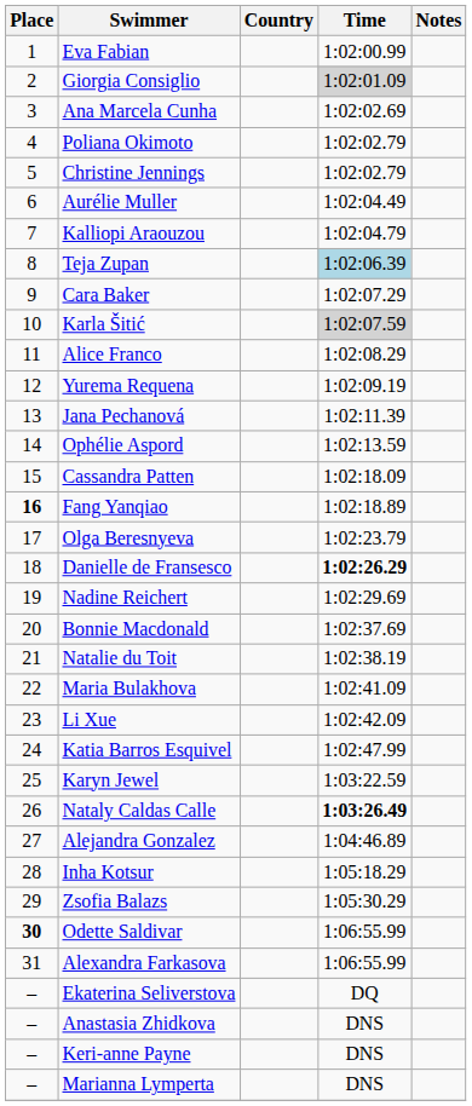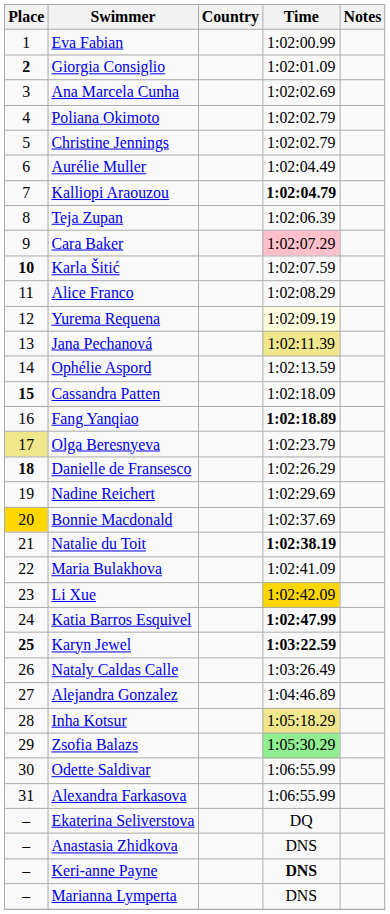 <table class="wikitable" style="text-align:center">
 <tr>
 <th>Place</th>
 <th>Swimmer</th>
 <th>Country</th>
 <th>Time</th>
 <th>Notes</th>
 </tr>
 <tr>
 <td>1</td>
 <td align=left><a href='#'>Eva Fabian</a></td>
 <td align=left></td>
 <td>1:02:00.99</td>
 <td></td>
 </tr>
 <tr>
-<td>2</td>
+<td><strong>2</strong></td>
 <td align=left><a href='#'>Giorgia Consiglio</a></td>
 <td align=left></td>
-<td style="background: lightgrey;">1:02:01.09</td>
+<td>1:02:01.09</td>
 <td></td>
 </tr>
 <tr>
 <td>3</td>
 <td align=left><a href='#'>Ana Marcela Cunha</a></td>
 <td align=left></td>
 <td>1:02:02.69</td>
 <td></td>
 </tr>
 <tr>
 <td>4</td>
 <td align=left><a href='#'>Poliana Okimoto</a></td>
 <td align=left></td>
 <td>1:02:02.79</td>
 <td></td>
 </tr>
 <tr>
 <td>5</td>
 <td align=left><a href='#'>Christine Jennings</a></td>
 <td align=left></td>
 <td>1:02:02.79</td>
 <td></td>
 </tr>
 <tr>
 <td>6</td>
 <td align=left><a href='#'>Aurélie Muller</a></td>
 <td align=left></td>
 <td>1:02:04.49</td>
 <td></td>
 </tr>
 <tr>
 <td>7</td>
 <td align=left><a href='#'>Kalliopi Araouzou</a></td>
 <td align=left></td>
-<td>1:02:04.79</td>
+<td><strong>1:02:04.79</strong></td>
 <td></td>
 </tr>
 <tr>
 <td>8</td>
 <td align=left><a href='#'>Teja Zupan</a></td>
 <td align=left></td>
-<td style="background: lightblue;">1:02:06.39</td>
+<td>1:02:06.39</td>
 <td></td>
 </tr>
 <tr>
 <td>9</td>
 <td align=left><a href='#'>Cara Baker</a></td>
 <td align=left></td>
-<td>1:02:07.29</td>
+<td style="background: pink;">1:02:07.29</td>
 <td></td>
 </tr>
 <tr>
-<td>10</td>
+<td><strong>10</strong></td>
 <td align=left><a href='#'>Karla Šitić</a></td>
 <td align=left></td>
-<td style="background: lightgrey;">1:02:07.59</td>
+<td>1:02:07.59</td>
 <td></td>
 </tr>
 <tr>
 <td>11</td>
 <td align=left><a href='#'>Alice Franco</a></td>
 <td align=left></td>
 <td>1:02:08.29</td>
 <td></td>
 </tr>
 <tr>
 <td>12</td>
 <td align=left><a href='#'>Yurema Requena</a></td>
 <td align=left></td>
-<td>1:02:09.19</td>
+<td style="background: lightyellow;">1:02:09.19</td>
 <td></td>
 </tr>
 <tr>
 <td>13</td>
 <td align=left><a href='#'>Jana Pechanová</a></td>
 <td align=left></td>
-<td>1:02:11.39</td>
+<td style="background: khaki;">1:02:11.39</td>
 <td></td>
 </tr>
 <tr>
 <td>14</td>
 <td align=left><a href='#'>Ophélie Aspord</a></td>
 <td align=left></td>
 <td>1:02:13.59</td>
 <td></td>
 </tr>
 <tr>
-<td>15</td>
+<td><strong>15</strong></td>
 <td align=left><a href='#'>Cassandra Patten</a></td>
 <td align=left></td>
 <td>1:02:18.09</td>
 <td></td>
 </tr>
 <tr>
-<td><strong>16</strong></td>
+<td>16</td>
 <td align=left><a href='#'>Fang Yanqiao</a></td>
 <td align=left></td>
-<td>1:02:18.89</td>
+<td><strong>1:02:18.89</strong></td>
 <td></td>
 </tr>
 <tr>
-<td>17</td>
+<td style="background: khaki;">17</td>
 <td align=left><a href='#'>Olga Beresnyeva</a></td>
 <td align=left></td>
 <td>1:02:23.79</td>
 <td></td>
 </tr>
 <tr>
-<td>18</td>
+<td><strong>18</strong></td>
 <td align=left><a href='#'>Danielle de Fransesco</a></td>
 <td align=left></td>
-<td><strong>1:02:26.29</strong></td>
+<td>1:02:26.29</td>
 <td></td>
 </tr>
 <tr>
 <td>19</td>
 <td align=left><a href='#'>Nadine Reichert</a></td>
 <td align=left></td>
 <td>1:02:29.69</td>
 <td></td>
 </tr>
 <tr>
-<td>20</td>
+<td style="background: gold;">20</td>
 <td align=left><a href='#'>Bonnie Macdonald</a></td>
 <td align=left></td>
 <td>1:02:37.69</td>
 <td></td>
 </tr>
 <tr>
 <td>21</td>
 <td align=left><a href='#'>Natalie du Toit</a></td>
 <td align=left></td>
-<td>1:02:38.19</td>
+<td><strong>1:02:38.19</strong></td>
 <td></td>
 </tr>
 <tr>
 <td>22</td>
 <td align=left><a href='#'>Maria Bulakhova</a></td>
 <td align=left></td>
 <td>1:02:41.09</td>
 <td></td>
 </tr>
 <tr>
 <td>23</td>
 <td align=left><a href='#'>Li Xue</a></td>
 <td align=left></td>
-<td>1:02:42.09</td>
+<td style="background: gold;">1:02:42.09</td>
 <td></td>
 </tr>
 <tr>
 <td>24</td>
 <td align=left><a href='#'>Katia Barros Esquivel</a></td>
 <td align=left></td>
-<td>1:02:47.99</td>
+<td><strong>1:02:47.99</strong></td>
 <td></td>
 </tr>
 <tr>
-<td>25</td>
+<td><strong>25</strong></td>
 <td align=left><a href='#'>Karyn Jewel</a></td>
 <td align=left></td>
-<td>1:03:22.59</td>
+<td><strong>1:03:22.59</strong></td>
 <td></td>
 </tr>
 <tr>
 <td>26</td>
 <td align=left><a href='#'>Nataly Caldas Calle</a></td>
 <td align=left></td>
-<td><strong>1:03:26.49</strong></td>
+<td>1:03:26.49</td>
 <td></td>
 </tr>
 <tr>
 <td>27</td>
 <td align=left><a href='#'>Alejandra Gonzalez</a></td>
 <td align=left></td>
 <td>1:04:46.89</td>
 <td></td>
 </tr>
 <tr>
 <td>28</td>
 <td align=left><a href='#'>Inha Kotsur</a></td>
 <td align=left></td>
-<td>1:05:18.29</td>
+<td style="background: khaki;">1:05:18.29</td>
 <td></td>
 </tr>
 <tr>
 <td>29</td>
 <td align=left><a href='#'>Zsofia Balazs</a></td>
 <td align=left></td>
-<td>1:05:30.29</td>
+<td style="background: lightgreen;">1:05:30.29</td>
 <td></td>
 </tr>
 <tr>
-<td><strong>30</strong></td>
+<td>30</td>
 <td align=left><a href='#'>Odette Saldivar</a></td>
 <td align=left></td>
 <td>1:06:55.99</td>
 <td></td>
 </tr>
 <tr>
 <td>31</td>
 <td align=left><a href='#'>Alexandra Farkasova</a></td>
 <td align=left></td>
 <td>1:06:55.99</td>
 <td></td>
 </tr>
 <tr>
 <td>–</td>
 <td align=left><a href='#'>Ekaterina Seliverstova</a></td>
 <td align=left></td>
 <td>DQ</td>
 <td></td>
 </tr>
 <tr>
 <td>–</td>
 <td align=left><a href='#'>Anastasia Zhidkova</a></td>
 <td align=left></td>
 <td>DNS</td>
 <td></td>
 </tr>
 <tr>
 <td>–</td>
 <td align=left><a href='#'>Keri-anne Payne</a></td>
 <td align=left></td>
-<td>DNS</td>
+<td><strong>DNS</strong></td>
 <td></td>
 </tr>
 <tr>
 <td>–</td>
 <td align=left><a href='#'>Marianna Lymperta</a></td>
 <td align=left></td>
 <td>DNS</td>
 <td></td>
 </tr>
 <tr>
 </tr>
 </table>
